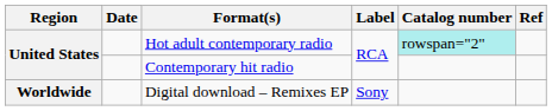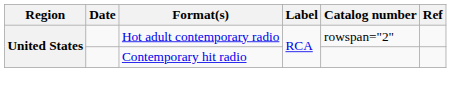 <table class="wikitable plainrowheaders">
 <tr>
 <th scope="col">Region</th>
 <th scope="col">Date</th>
 <th scope="col">Format(s)</th>
 <th scope="col">Label</th>
 <th scope="col">Catalog number</th>
 <th scope="col">Ref</th>
 </tr>
 <tr>
 <th scope="row" rowspan="2">United States</th>
 <td></td>
 <td><a href='#'>Hot adult contemporary radio</a></td>
 <td rowspan="2"><a href='#'>RCA</a></td>
-<td style="background: paleturquoise;">rowspan="2" </td>
+<td>rowspan="2" </td>
 <td></td>
 </tr>
 <tr>
 <td></td>
 <td><a href='#'>Contemporary hit radio</a></td>
 <td></td>
 </tr>
-<tr>
-<th scope="row">Worldwide</th>
-<td></td>
-<td>Digital download – Remixes EP</td>
-<td><a href='#'>Sony</a></td>
-<td></td>
-<td></td>
-</tr>
 </table>
